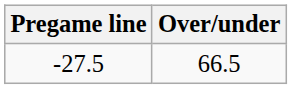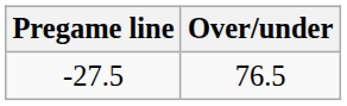 <table class="wikitable" style="margin-left: auto; margin-right: auto; border: none; display: inline-table;">
 <tr align="center">
 <th style=>Pregame line</th>
 <th style=>Over/under</th>
 </tr>
 <tr align="center">
 <td>-27.5</td>
-<td>66.5</td>
+<td>76.5</td>
 </tr>
 </table>
